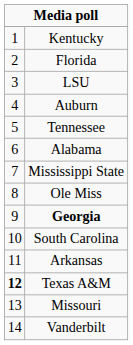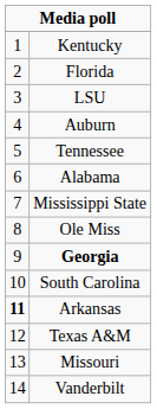 <table class="wikitable">
 <tr align="center">
 <td align="center" Colspan="3"><strong>Media poll</strong></td>
 </tr>
 <tr align="center">
 </tr>
 <tr align="center">
 <td>1</td>
 <td>Kentucky</td>
 </tr>
 <tr align="center">
 <td>2</td>
 <td>Florida</td>
 </tr>
 <tr align="center">
 <td>3</td>
 <td>LSU</td>
 </tr>
 <tr align="center">
 <td>4</td>
 <td>Auburn</td>
 </tr>
 <tr align="center">
 <td>5</td>
 <td>Tennessee</td>
 </tr>
 <tr align="center">
 <td>6</td>
 <td>Alabama</td>
 </tr>
 <tr align="center">
 <td>7</td>
 <td>Mississippi State</td>
 </tr>
 <tr align="center">
 <td>8</td>
 <td>Ole Miss</td>
 </tr>
 <tr align="center">
 <td>9</td>
 <td><strong>Georgia</strong></td>
 </tr>
 <tr align="center">
 <td>10</td>
 <td>South Carolina</td>
 </tr>
 <tr align="center">
-<td>11</td>
+<td><strong>11</strong></td>
 <td>Arkansas</td>
 </tr>
 <tr align="center">
-<td><strong>12</strong></td>
+<td>12</td>
 <td>Texas A&M</td>
 </tr>
 <tr align="center">
 <td>13</td>
 <td>Missouri</td>
 </tr>
 <tr align="center">
 <td>14</td>
 <td>Vanderbilt</td>
 </tr>
 </table>
